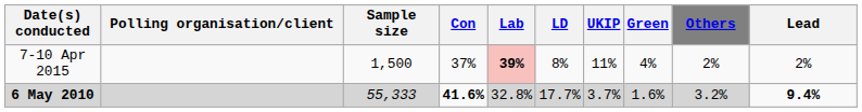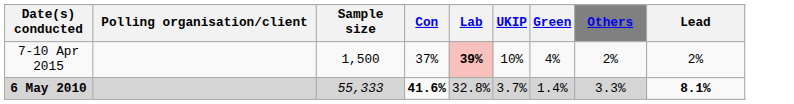 <table class="wikitable sortable" style="text-align:center;font-size:90%;line-height:14px">
 <tr>
 <th ! style="width:75px;">Date(s)<br>conducted</th>
 <th style="width:200px;">Polling organisation/client</th>
 <th class="unsortable" style="width:75px;">Sample size</th>
 <th class="unsortable" style="background:"><a href='#'><span>Con</span></a></th>
 <th class="unsortable" style="background:"><a href='#'><span>Lab</span></a></th>
-<th class="unsortable" style="background:"><a href='#'><span>LD</span></a></th>
 <th class="unsortable" style="background:"><a href='#'><span>UKIP</span></a></th>
 <th class="unsortable" style="background:"><a href='#'><span>Green</span></a></th>
 <th class="unsortable" style="background:gray; width:60px;"><a href='#'><span>Others</span></a></th>
 <th class="unsortable" style="width:85px;">Lead</th>
 </tr>
 <tr>
 <td>7-10 Apr 2015</td>
 <td></td>
 <td>1,500</td>
 <td>37%</td>
 <td style="background:#F8C1BE"><strong>39%</strong></td>
-<td>8%</td>
-<td>11%</td>
+<td>10%</td>
 <td>4%</td>
 <td>2%</td>
 <td style="background:">2%</td>
 </tr>
 <tr>
 <td style="background:#D5D5D5"><strong>6 May 2010</strong></td>
 <td style="background:#D5D5D5"></td>
 <td style="background:#D5D5D5"><em>55,333</em></td>
 <td style="background:"><strong>41.6%</strong></td>
 <td style="background:#D5D5D5">32.8%</td>
-<td style="background:#D5D5D5">17.7%</td>
 <td style="background:#D5D5D5">3.7%</td>
-<td style="background:#D5D5D5">1.6%</td>
-<td style="background:#D5D5D5">3.2%</td>
-<td style="background:"><strong>9.4% </strong></td>
+<td style="background:#D5D5D5">1.4%</td>
+<td style="background:#D5D5D5">3.3%</td>
+<td style="background:"><strong>8.1% </strong></td>
 </tr>
 </table>
